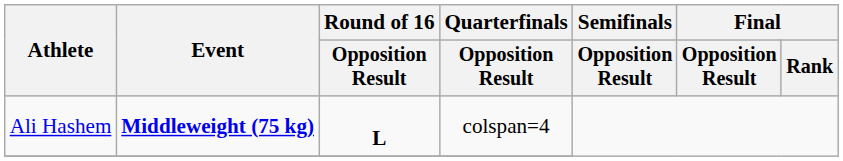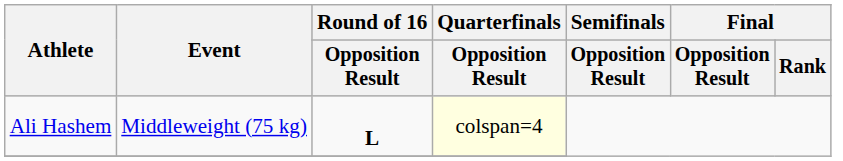 <table class="wikitable" style="font-size:90%">
 <tr>
 <th rowspan=2>Athlete</th>
 <th rowspan=2>Event</th>
 <th>Round of 16</th>
 <th>Quarterfinals</th>
 <th>Semifinals</th>
 <th colspan=2>Final</th>
 </tr>
 <tr style="font-size:95%">
 <th>Opposition<br>Result</th>
 <th>Opposition<br>Result</th>
 <th>Opposition<br>Result</th>
 <th>Opposition<br>Result</th>
 <th>Rank</th>
 </tr>
 <tr align=center>
 <td align=left><a href='#'>Ali Hashem</a></td>
-<td align=left><strong><a href='#'>Middleweight (75 kg)</a></strong></td>
+<td align=left><a href='#'>Middleweight (75 kg)</a></td>
 <td><br><strong>L</strong> </td>
-<td>colspan=4 </td>
+<td style="background: lightyellow;">colspan=4 </td>
 </tr>
 <tr>
 </tr>
 </table>
